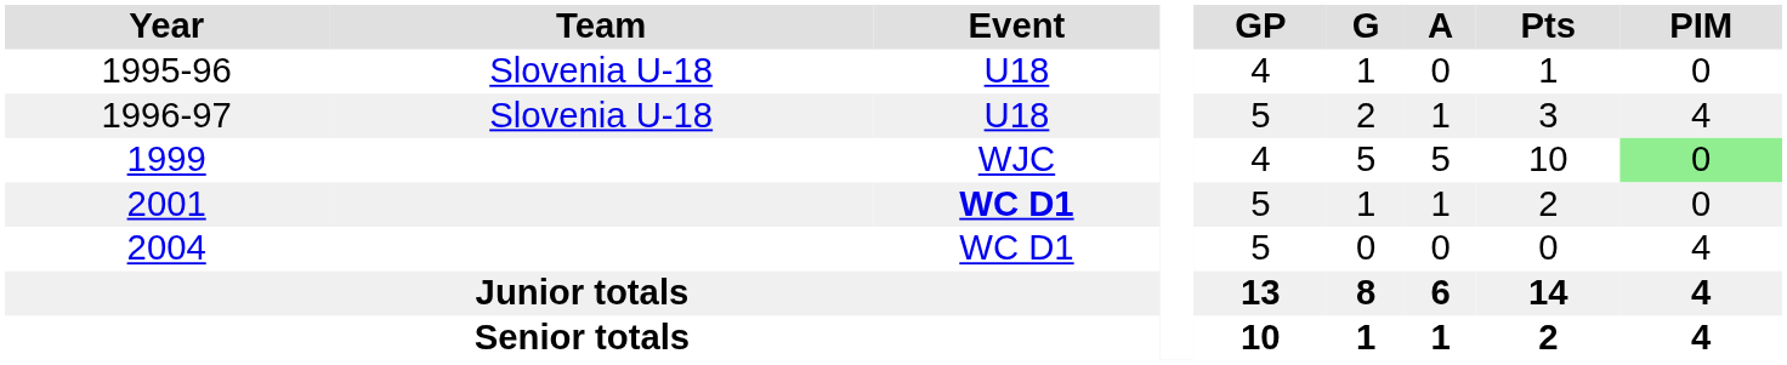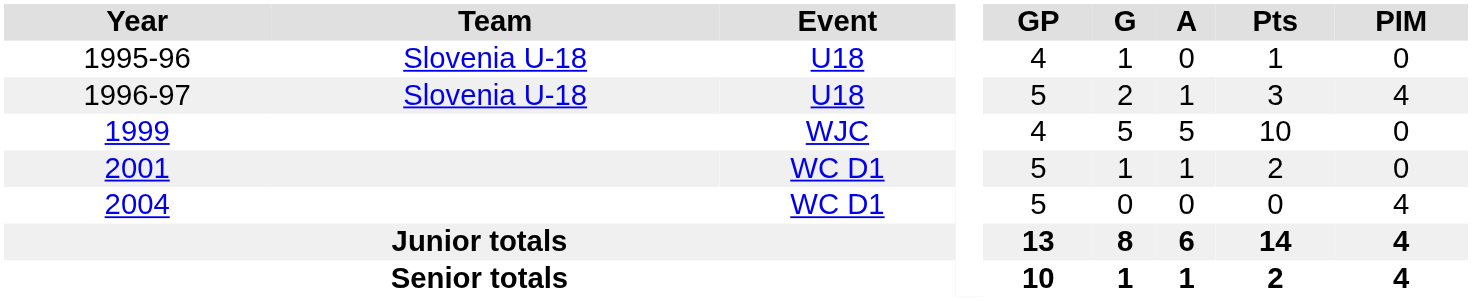 <table border="0" cellpadding="1" cellspacing="0" style="text-align:center; width:50em">
 <tr ALIGN="center" bgcolor="#e0e0e0">
 <th>Year</th>
 <th>Team</th>
 <th>Event</th>
 <th rowspan="99" bgcolor="#ffffff"> </th>
 <th>GP</th>
 <th>G</th>
 <th>A</th>
 <th>Pts</th>
 <th>PIM</th>
 </tr>
 <tr>
 <td>1995-96</td>
 <td><a href='#'>Slovenia U-18</a></td>
 <td><a href='#'>U18</a></td>
 <td>4</td>
 <td>1</td>
 <td>0</td>
 <td>1</td>
 <td>0</td>
 </tr>
 <tr bgcolor="#f0f0f0">
 <td>1996-97</td>
 <td><a href='#'>Slovenia U-18</a></td>
 <td><a href='#'>U18</a></td>
 <td>5</td>
 <td>2</td>
 <td>1</td>
 <td>3</td>
 <td>4</td>
 </tr>
 <tr>
 <td><a href='#'>1999</a></td>
 <td></td>
 <td><a href='#'>WJC</a></td>
 <td>4</td>
 <td>5</td>
 <td>5</td>
 <td>10</td>
-<td style="background: lightgreen;">0</td>
+<td>0</td>
 </tr>
 <tr bgcolor="#f0f0f0">
 <td><a href='#'>2001</a></td>
 <td></td>
-<td><strong><a href='#'>WC D1</a></strong></td>
+<td><a href='#'>WC D1</a></td>
 <td>5</td>
 <td>1</td>
 <td>1</td>
 <td>2</td>
 <td>0</td>
 </tr>
 <tr>
 <td><a href='#'>2004</a></td>
 <td></td>
 <td><a href='#'>WC D1</a></td>
 <td>5</td>
 <td>0</td>
 <td>0</td>
 <td>0</td>
 <td>4</td>
 </tr>
 <tr bgcolor="#f0f0f0">
 <th colspan=3>Junior totals</th>
 <th>13</th>
 <th>8</th>
 <th>6</th>
 <th>14</th>
 <th>4</th>
 </tr>
 <tr>
 <th colspan=3>Senior totals</th>
 <th>10</th>
 <th>1</th>
 <th>1</th>
 <th>2</th>
 <th>4</th>
 </tr>
 </table>
